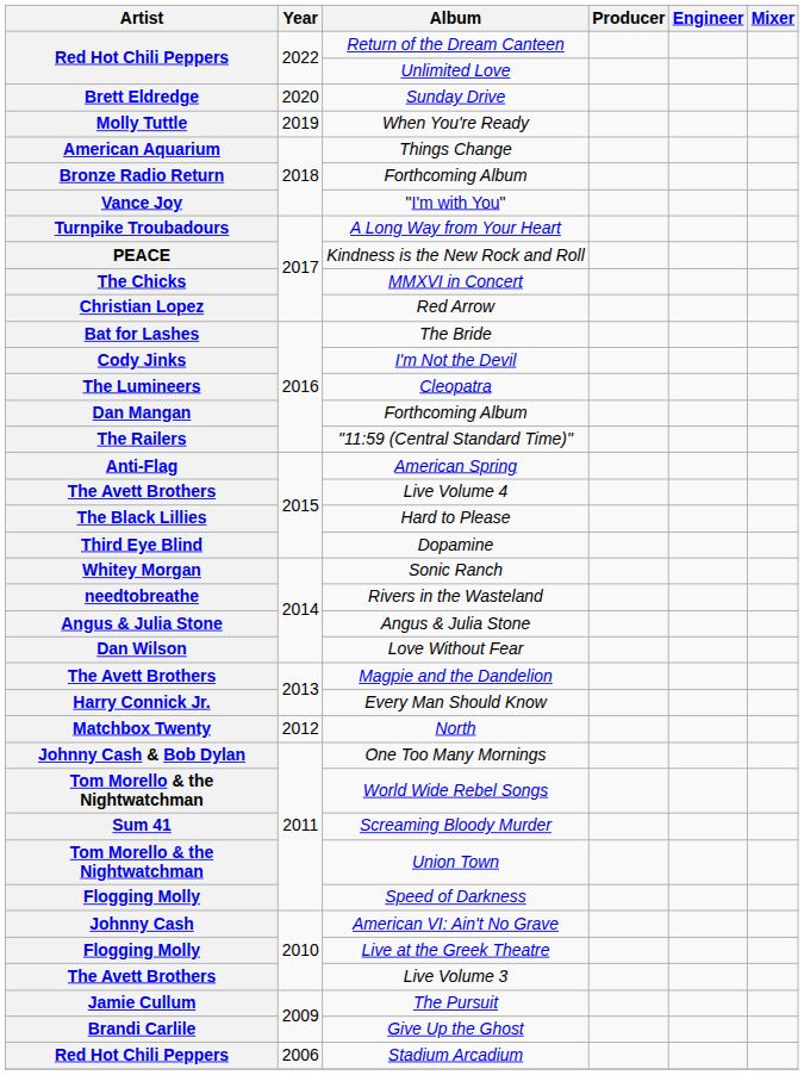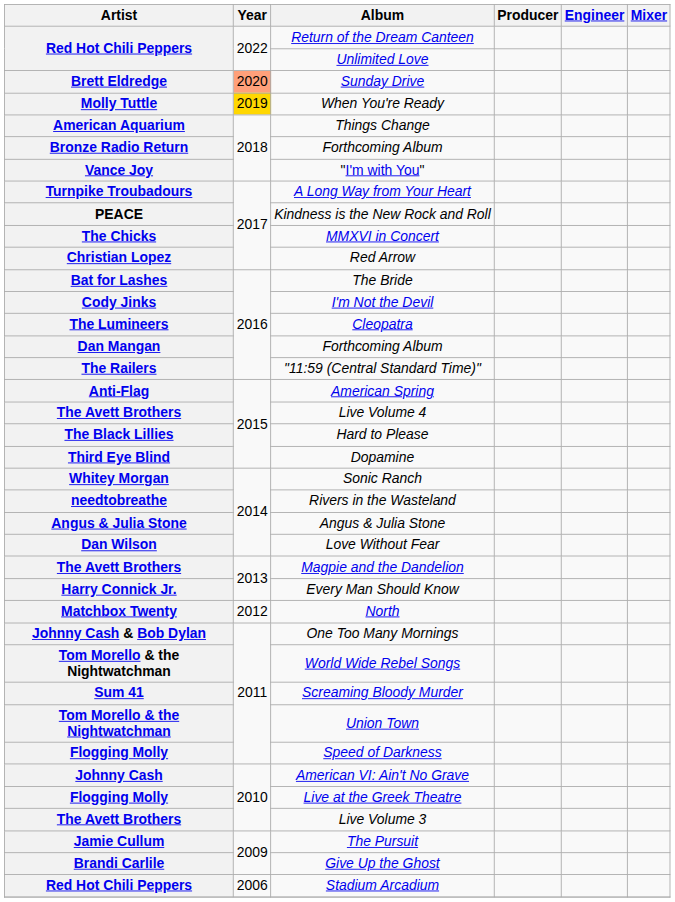 <table class="wikitable plainrowheaders" style="text-align:center;">
 <tr>
 <th scope="col" style="width:16em;">Artist</th>
 <th scope="col">Year</th>
 <th scope="col">Album</th>
 <th scope="col">Producer</th>
 <th scope="col"><a href='#'>Engineer</a></th>
 <th scope="col"><a href='#'>Mixer</a></th>
 </tr>
 <tr>
 <th rowspan="2" scope="row"><a href='#'>Red Hot Chili Peppers</a></th>
 <td rowspan="2">2022</td>
 <td><em><a href='#'>Return of the Dream Canteen</a></em></td>
 <td></td>
 <td></td>
 <td></td>
 </tr>
 <tr>
 <td><em><a href='#'>Unlimited Love</a></em></td>
 <td></td>
 <td></td>
 <td></td>
 </tr>
 <tr>
 <th scope="row"><a href='#'>Brett Eldredge</a></th>
-<td>2020</td>
+<td style="background: lightsalmon;">2020</td>
 <td><em><a href='#'>Sunday Drive</a></em></td>
 <td></td>
 <td></td>
 <td></td>
 </tr>
 <tr>
 <th scope="row"><a href='#'>Molly Tuttle</a></th>
-<td>2019</td>
+<td style="background: gold;">2019</td>
 <td><em>When You're Ready</em></td>
 <td></td>
 <td></td>
 <td></td>
 </tr>
 <tr>
 <th scope="row"><a href='#'>American Aquarium</a></th>
 <td rowspan="3">2018</td>
 <td><em>Things Change</em></td>
 <td></td>
 <td></td>
 <td></td>
 </tr>
 <tr>
 <th scope="row"><a href='#'>Bronze Radio Return</a></th>
 <td><em>Forthcoming Album</em></td>
 <td></td>
 <td></td>
 <td></td>
 </tr>
 <tr>
 <th scope="row"><a href='#'>Vance Joy</a></th>
 <td>"<a href='#'>I'm with You</a>"</td>
 <td></td>
 <td></td>
 <td></td>
 </tr>
 <tr>
 <th scope="row"><a href='#'>Turnpike Troubadours</a></th>
 <td rowspan="4">2017</td>
 <td><em><a href='#'>A Long Way from Your Heart</a></em></td>
 <td></td>
 <td></td>
 <td></td>
 </tr>
 <tr>
 <th scope="row">PEACE</th>
 <td><em>Kindness is the New Rock and Roll</em></td>
 <td></td>
 <td></td>
 <td></td>
 </tr>
 <tr>
 <th scope="row"><a href='#'>The Chicks</a></th>
 <td><em><a href='#'>MMXVI in Concert</a></em></td>
 <td></td>
 <td></td>
 <td></td>
 </tr>
 <tr>
 <th scope="row"><a href='#'>Christian Lopez</a></th>
 <td><em>Red Arrow</em></td>
 <td></td>
 <td></td>
 <td></td>
 </tr>
 <tr>
 <th scope="row"><a href='#'>Bat for Lashes</a></th>
 <td rowspan="5">2016</td>
 <td><em>The Bride</em></td>
 <td></td>
 <td></td>
 <td></td>
 </tr>
 <tr>
 <th scope="row"><a href='#'>Cody Jinks</a></th>
 <td><em><a href='#'>I'm Not the Devil</a></em></td>
 <td></td>
 <td></td>
 <td></td>
 </tr>
 <tr>
 <th scope="row"><a href='#'>The Lumineers</a></th>
 <td><em><a href='#'>Cleopatra</a></em></td>
 <td></td>
 <td></td>
 <td></td>
 </tr>
 <tr>
 <th scope="row"><a href='#'>Dan Mangan</a></th>
 <td><em>Forthcoming Album</em></td>
 <td></td>
 <td></td>
 <td></td>
 </tr>
 <tr>
 <th scope="row"><a href='#'>The Railers</a></th>
 <td><em>"11:59 (Central Standard Time)"</em></td>
 <td></td>
 <td></td>
 <td></td>
 </tr>
 <tr>
 <th scope="row"><a href='#'>Anti-Flag</a></th>
 <td rowspan="4">2015</td>
 <td><em><a href='#'>American Spring</a></em></td>
 <td></td>
 <td></td>
 <td></td>
 </tr>
 <tr>
 <th scope="row"><a href='#'>The Avett Brothers</a></th>
 <td><em>Live Volume 4</em></td>
 <td></td>
 <td></td>
 <td></td>
 </tr>
 <tr>
 <th scope="row"><a href='#'>The Black Lillies</a></th>
 <td><em>Hard to Please</em></td>
 <td></td>
 <td></td>
 <td></td>
 </tr>
 <tr>
 <th scope="row"><a href='#'>Third Eye Blind</a></th>
 <td><em>Dopamine</em></td>
 <td></td>
 <td></td>
 <td></td>
 </tr>
 <tr>
 <th scope="row"><a href='#'>Whitey Morgan</a></th>
 <td rowspan="4">2014</td>
 <td><em>Sonic Ranch</em></td>
 <td></td>
 <td></td>
 <td></td>
 </tr>
 <tr>
 <th scope="row"><a href='#'>needtobreathe</a></th>
 <td><em>Rivers in the Wasteland</em></td>
 <td></td>
 <td></td>
 <td></td>
 </tr>
 <tr>
 <th scope="row"><a href='#'>Angus & Julia Stone</a></th>
 <td><em>Angus & Julia Stone</em></td>
 <td></td>
 <td></td>
 <td></td>
 </tr>
 <tr>
 <th scope="row"><a href='#'>Dan Wilson</a></th>
 <td><em>Love Without Fear</em></td>
 <td></td>
 <td></td>
 <td></td>
 </tr>
 <tr>
 <th scope="row"><a href='#'>The Avett Brothers</a></th>
 <td rowspan="2">2013</td>
 <td><em><a href='#'>Magpie and the Dandelion</a></em></td>
 <td></td>
 <td></td>
 <td></td>
 </tr>
 <tr>
 <th scope="row"><a href='#'>Harry Connick Jr.</a></th>
 <td><em>Every Man Should Know</em></td>
 <td></td>
 <td></td>
 <td></td>
 </tr>
 <tr>
 <th scope="row"><a href='#'>Matchbox Twenty</a></th>
 <td rowspan="1">2012</td>
 <td><em><a href='#'>North</a></em></td>
 <td></td>
 <td></td>
 <td></td>
 </tr>
 <tr>
 <th scope="row"><a href='#'>Johnny Cash</a> & <a href='#'>Bob Dylan</a></th>
 <td rowspan="5">2011</td>
 <td><em>One Too Many Mornings</em></td>
 <td></td>
 <td></td>
 <td></td>
 </tr>
 <tr>
 <th scope="row"><a href='#'>Tom Morello</a> & the Nightwatchman</th>
 <td><em><a href='#'>World Wide Rebel Songs</a></em></td>
 <td></td>
 <td></td>
 <td></td>
 </tr>
 <tr>
 <th scope="row"><a href='#'>Sum 41</a></th>
 <td><em><a href='#'>Screaming Bloody Murder</a></em></td>
 <td></td>
 <td></td>
 <td></td>
 </tr>
 <tr>
 <th scope="row"><a href='#'>Tom Morello & the Nightwatchman</a></th>
 <td><em><a href='#'>Union Town</a></em></td>
 <td></td>
 <td></td>
 <td></td>
 </tr>
 <tr>
 <th scope="row"><a href='#'>Flogging Molly</a></th>
 <td><em><a href='#'>Speed of Darkness</a></em></td>
 <td></td>
 <td></td>
 <td></td>
 </tr>
 <tr>
 <th scope="row"><a href='#'>Johnny Cash</a></th>
 <td rowspan="3">2010</td>
 <td><em><a href='#'>American VI: Ain't No Grave</a></em></td>
 <td></td>
 <td></td>
 <td></td>
 </tr>
 <tr>
 <th scope="row"><a href='#'>Flogging Molly</a></th>
 <td><em><a href='#'>Live at the Greek Theatre</a></em></td>
 <td></td>
 <td></td>
 <td></td>
 </tr>
 <tr>
 <th scope="row"><a href='#'>The Avett Brothers</a></th>
 <td><em>Live Volume 3</em></td>
 <td></td>
 <td></td>
 <td></td>
 </tr>
 <tr>
 <th scope="row"><a href='#'>Jamie Cullum</a></th>
 <td rowspan="2">2009</td>
 <td><em><a href='#'>The Pursuit</a></em></td>
 <td></td>
 <td></td>
 <td></td>
 </tr>
 <tr>
 <th scope="row"><a href='#'>Brandi Carlile</a></th>
 <td><em><a href='#'>Give Up the Ghost</a></em></td>
 <td></td>
 <td></td>
 <td></td>
 </tr>
 <tr>
 <th scope="row"><a href='#'>Red Hot Chili Peppers</a></th>
 <td rowspan="1">2006</td>
 <td><em><a href='#'>Stadium Arcadium</a></em></td>
 <td></td>
 <td></td>
 <td></td>
 </tr>
 <tr>
 </tr>
 </table>
